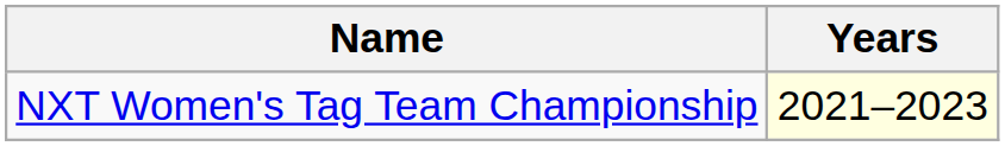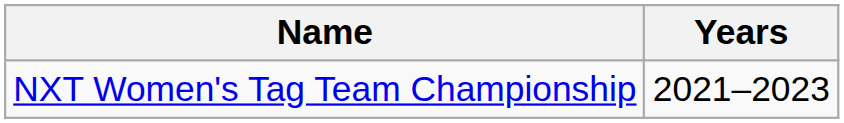 <table class="wikitable">
 <tr>
 <th>Name</th>
 <th>Years</th>
 </tr>
 <tr>
 <td><a href='#'>NXT Women's Tag Team Championship</a></td>
-<td style="background: lightyellow;">2021–2023</td>
+<td>2021–2023</td>
 </tr>
 </table>
